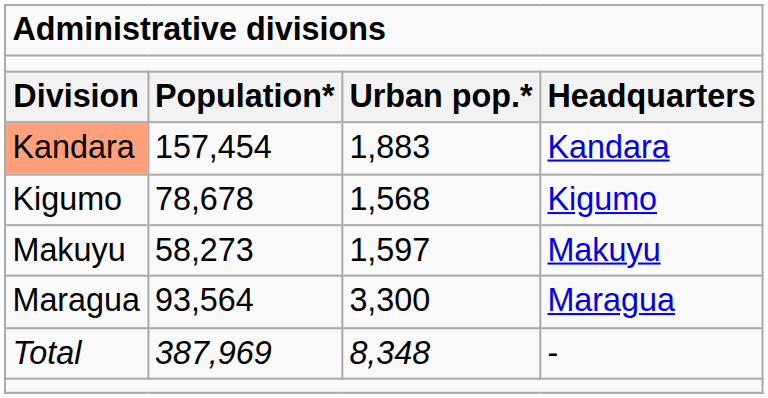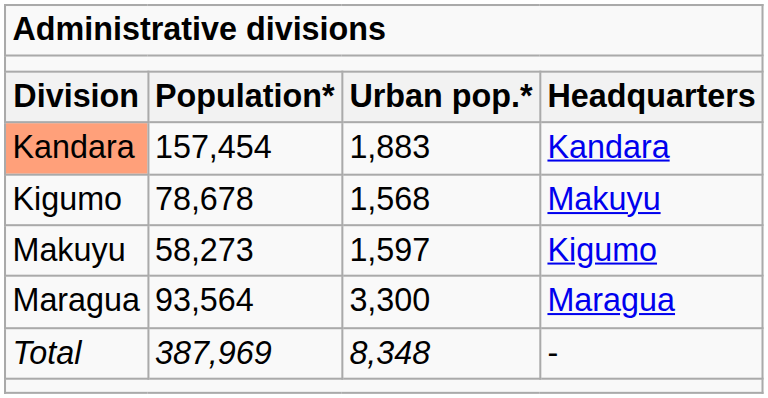 <table class="wikitable">
 <tr>
 <td colspan="4"><strong>Administrative divisions</strong></td>
 </tr>
 <tr>
 <td colspan="4"></td>
 </tr>
 <tr>
 <th>Division</th>
 <th>Population*</th>
 <th>Urban pop.*</th>
 <th>Headquarters</th>
 </tr>
 <tr>
 <td style="background: lightsalmon;">Kandara</td>
 <td>157,454</td>
 <td>1,883</td>
 <td><a href='#'>Kandara</a></td>
 </tr>
 <tr>
 <td>Kigumo</td>
 <td>78,678</td>
 <td>1,568</td>
-<td><a href='#'>Kigumo</a></td>
+<td><a href='#'>Makuyu</a></td>
 </tr>
 <tr>
 <td>Makuyu</td>
 <td>58,273</td>
 <td>1,597</td>
-<td><a href='#'>Makuyu</a></td>
+<td><a href='#'>Kigumo</a></td>
 </tr>
 <tr>
 <td>Maragua</td>
 <td>93,564</td>
 <td>3,300</td>
 <td><a href='#'>Maragua</a></td>
 </tr>
 <tr>
 <td><em>Total</em></td>
 <td><em>387,969</em></td>
 <td><em>8,348</em></td>
 <td>-</td>
 </tr>
 <tr>
 <td colspan="4"></td>
 </tr>
 </table>
